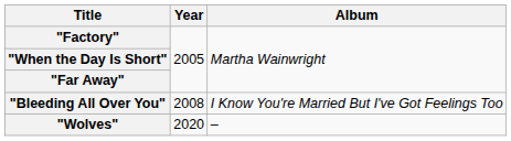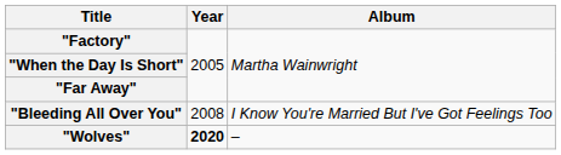 <table class="wikitable plainrowheaders">
 <tr>
 <th scope="col">Title</th>
 <th scope="col">Year</th>
 <th scope="col">Album</th>
 </tr>
 <tr>
 <th scope="row">"Factory"</th>
 <td align="center" rowspan="3">2005</td>
 <td rowspan="3"><em>Martha Wainwright</em></td>
 </tr>
 <tr>
 <th scope="row">"When the Day Is Short"</th>
 </tr>
 <tr>
 <th scope="row">"Far Away"</th>
 </tr>
 <tr>
 <th scope="row">"Bleeding All Over You"</th>
 <td align="center">2008</td>
 <td><em>I Know You're Married But I've Got Feelings Too</em></td>
 </tr>
 <tr>
 <th scope="row">"Wolves"<br></th>
-<td align="center">2020</td>
+<td align="center"><strong>2020</strong></td>
 <td>–</td>
 </tr>
 </table>
